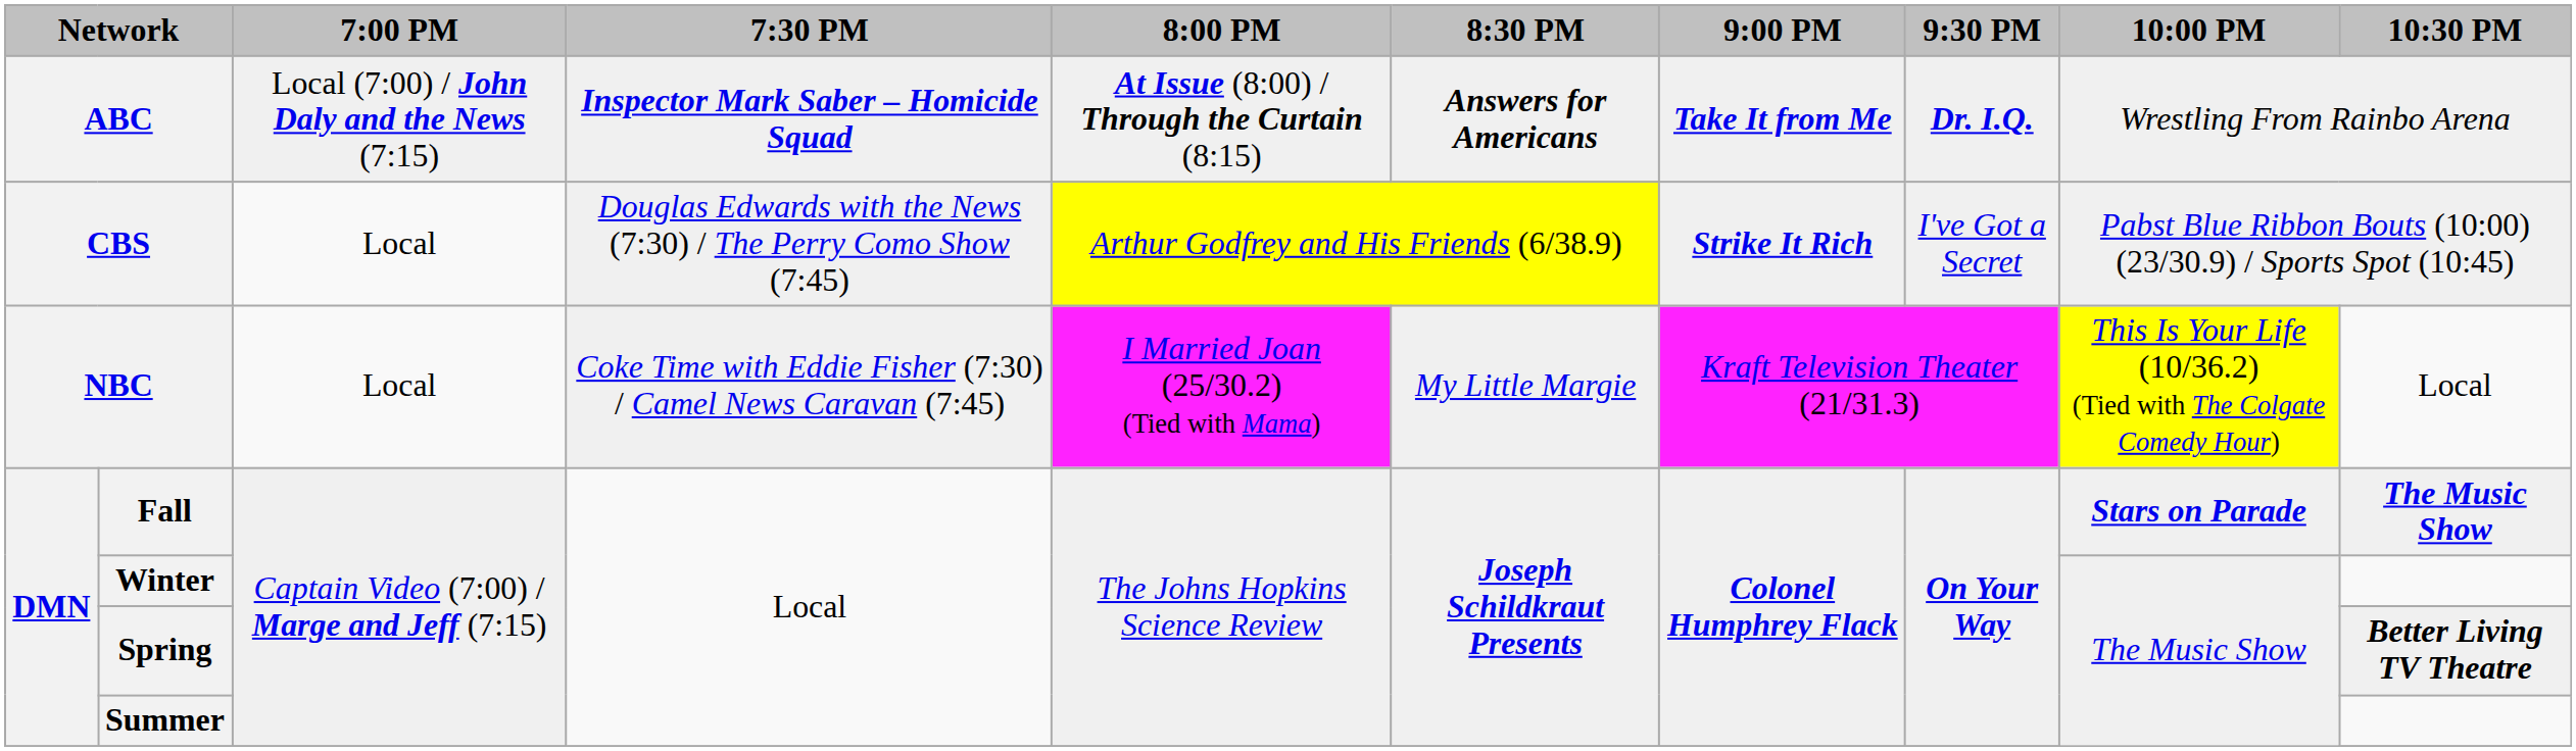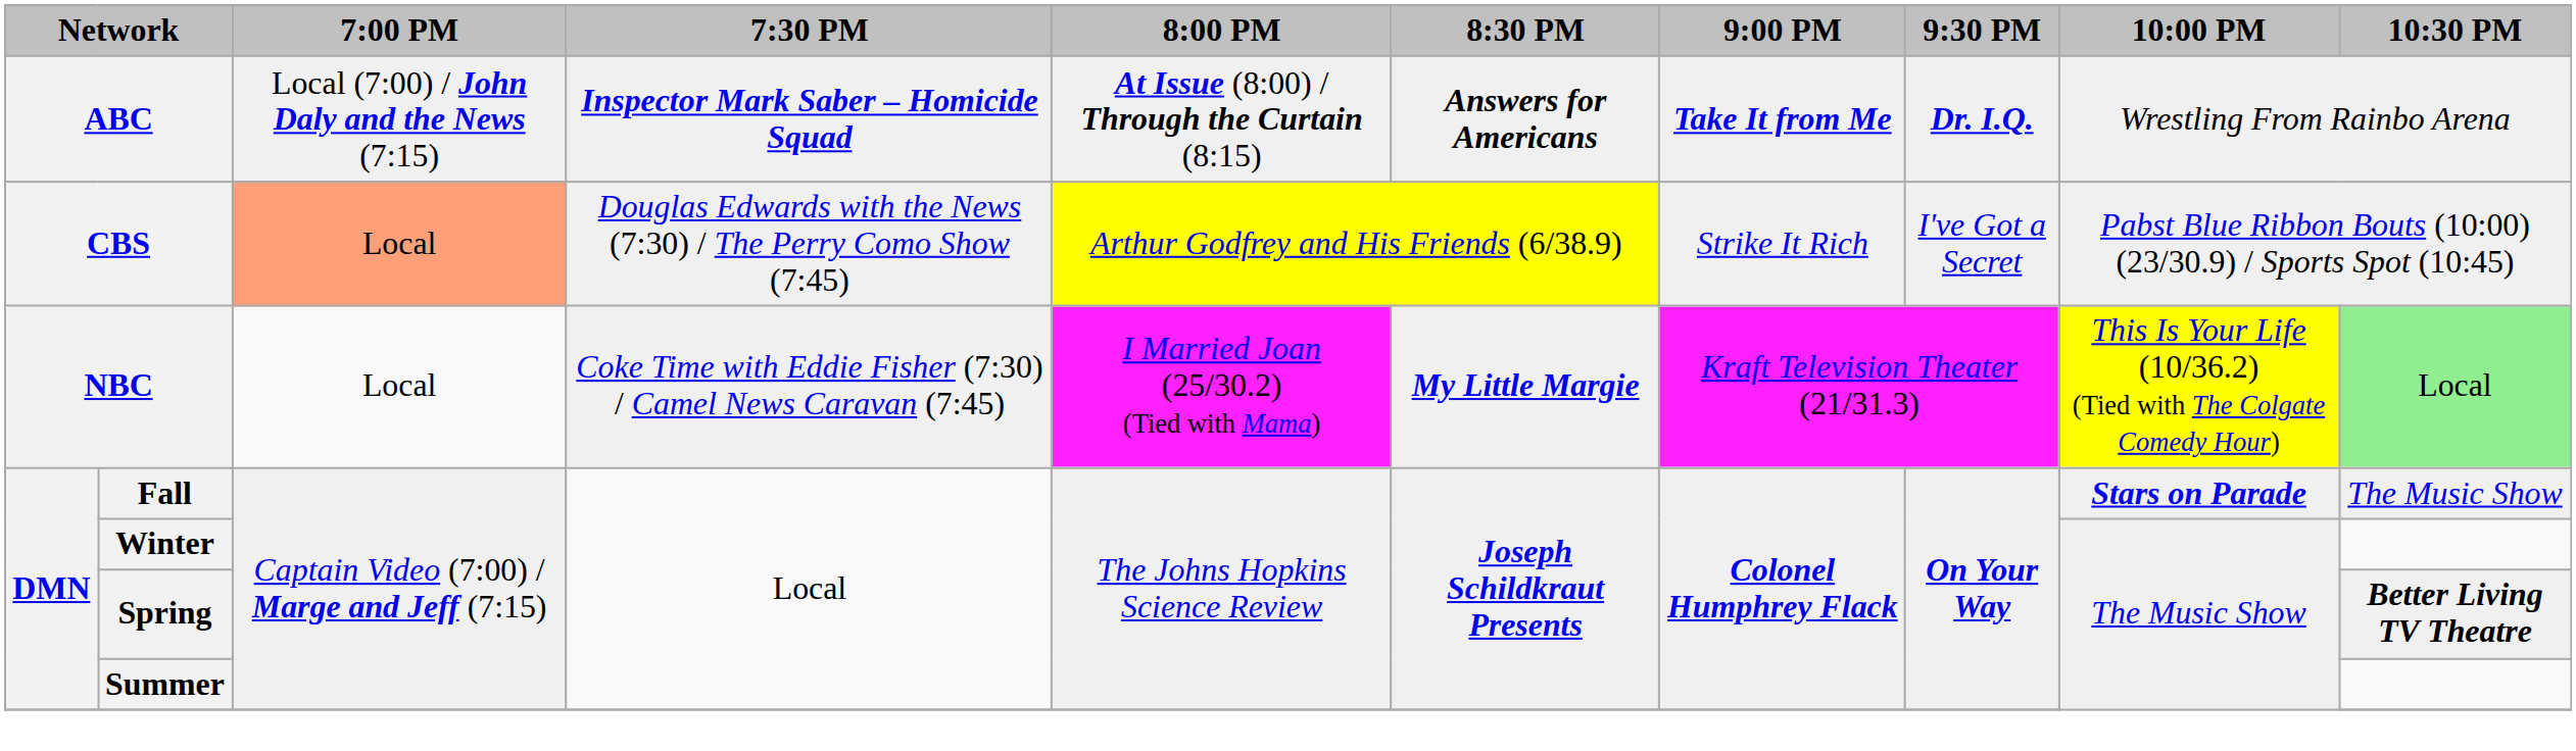 <table class="wikitable" style="width:100%;margin-right:0;text-align:center">
 <tr>
 <th colspan="2" style="background-color:#C0C0C0;text-align:center">Network</th>
 <th style="background-color:#C0C0C0;text-align:center">7:00 PM</th>
 <th style="background-color:#C0C0C0;text-align:center">7:30 PM</th>
 <th style="background-color:#C0C0C0;text-align:center">8:00 PM</th>
 <th style="background-color:#C0C0C0;text-align:center">8:30 PM</th>
 <th style="background-color:#C0C0C0;text-align:center">9:00 PM</th>
 <th style="background-color:#C0C0C0;text-align:center">9:30 PM</th>
 <th style="background-color:#C0C0C0;text-align:center">10:00 PM</th>
 <th style="background-color:#C0C0C0;text-align:center">10:30 PM</th>
 </tr>
 <tr>
 <th colspan="2" bgcolor="#C0C0C0"><a href='#'>ABC</a></th>
 <td bgcolor="#F0F0F0">Local (7:00) / <strong><em><a href='#'>John Daly and the News</a></em></strong> (7:15)</td>
 <td bgcolor="#F0F0F0"><strong><em><a href='#'>Inspector Mark Saber – Homicide Squad</a></em></strong></td>
 <td bgcolor="#F0F0F0"><strong><em><a href='#'>At Issue</a></em></strong> (8:00) / <strong><em>Through the Curtain</em></strong> (8:15)</td>
 <td bgcolor="#F0F0F0"><strong><em>Answers for Americans</em></strong></td>
 <td bgcolor="#F0F0F0"><strong><em><a href='#'>Take It from Me</a></em></strong></td>
 <td bgcolor="#F0F0F0"><strong><em><a href='#'>Dr. I.Q.</a></em></strong></td>
 <td colspan="2" bgcolor="#F0F0F0"><em>Wrestling From Rainbo Arena</em></td>
 </tr>
 <tr>
 <th colspan="2" bgcolor="#C0C0C0"><a href='#'>CBS</a></th>
-<td>Local</td>
+<td style="background: lightsalmon;">Local</td>
 <td bgcolor="#F0F0F0"><em><a href='#'>Douglas Edwards with the News</a></em> (7:30) / <em><a href='#'>The Perry Como Show</a></em> (7:45)</td>
 <td colspan="2" bgcolor="#FFFF00"><em><a href='#'>Arthur Godfrey and His Friends</a></em> (6/38.9)</td>
-<td bgcolor="#F0F0F0"><strong><em><a href='#'>Strike It Rich</a></em></strong></td>
+<td bgcolor="#F0F0F0"><em><a href='#'>Strike It Rich</a></em></td>
 <td bgcolor="#F0F0F0"><em><a href='#'>I've Got a Secret</a></em></td>
 <td colspan="2" bgcolor="#F0F0F0"><span><em><a href='#'>Pabst Blue Ribbon Bouts</a></em> (10:00) (23/30.9)</span> / <em>Sports Spot</em> (10:45)</td>
 </tr>
 <tr>
 <th colspan="2" bgcolor="#C0C0C0"><a href='#'>NBC</a></th>
 <td>Local</td>
 <td bgcolor="#F0F0F0"><em><a href='#'>Coke Time with Eddie Fisher</a></em> (7:30) / <em><a href='#'>Camel News Caravan</a></em> (7:45)</td>
 <td bgcolor="#FF22FF"><em><a href='#'>I Married Joan</a></em> (25/30.2)<br><small>(Tied with <em><a href='#'>Mama</a></em>)</small></td>
-<td bgcolor="#F0F0F0"><em><a href='#'>My Little Margie</a></em></td>
+<td bgcolor="#F0F0F0"><strong><em><a href='#'>My Little Margie</a></em></strong></td>
 <td colspan="2" bgcolor="#FF22FF"><em><a href='#'>Kraft Television Theater</a></em> (21/31.3)</td>
 <td bgcolor="#FFFF00"><em><a href='#'>This Is Your Life</a></em> (10/36.2)<br><small>(Tied with <em><a href='#'>The Colgate Comedy Hour</a></em>)</small></td>
-<td>Local</td>
+<td style="background: lightgreen;">Local</td>
 </tr>
 <tr>
 <th rowspan="4" bgcolor="#C0C0C0"><a href='#'>DMN</a></th>
 <th>Fall</th>
 <td bgcolor="#F0F0F0" rowspan="4"><em><a href='#'>Captain Video</a></em> (7:00) / <strong><em><a href='#'>Marge and Jeff</a></em></strong> (7:15)</td>
 <td rowspan="4">Local</td>
 <td bgcolor="#F0F0F0" rowspan="4"><em><a href='#'>The Johns Hopkins Science Review</a></em></td>
 <td bgcolor="#F0F0F0" rowspan="4"><strong><em><a href='#'>Joseph Schildkraut Presents</a></em></strong></td>
 <td bgcolor="#F0F0F0" rowspan="4"><strong><em><a href='#'>Colonel Humphrey Flack</a></em></strong></td>
 <td bgcolor="#F0F0F0" rowspan="4"><strong><em><a href='#'>On Your Way</a></em></strong></td>
 <td bgcolor="#F0F0F0"><strong><em><a href='#'>Stars on Parade</a></em></strong></td>
-<td bgcolor="#F0F0F0"><strong><em><a href='#'>The Music Show</a></em></strong></td>
+<td bgcolor="#F0F0F0"><em><a href='#'>The Music Show</a></em></td>
 </tr>
 <tr>
 <th>Winter</th>
 <td bgcolor="#F0F0F0" rowspan="4"><em><a href='#'>The Music Show</a></em></td>
 <td></td>
 </tr>
 <tr>
 <th>Spring</th>
 <td bgcolor="#F0F0F0"><strong><em>Better Living TV Theatre</em></strong></td>
 </tr>
 <tr>
 <th>Summer</th>
 <td></td>
 </tr>
 <tr>
 </tr>
 </table>
